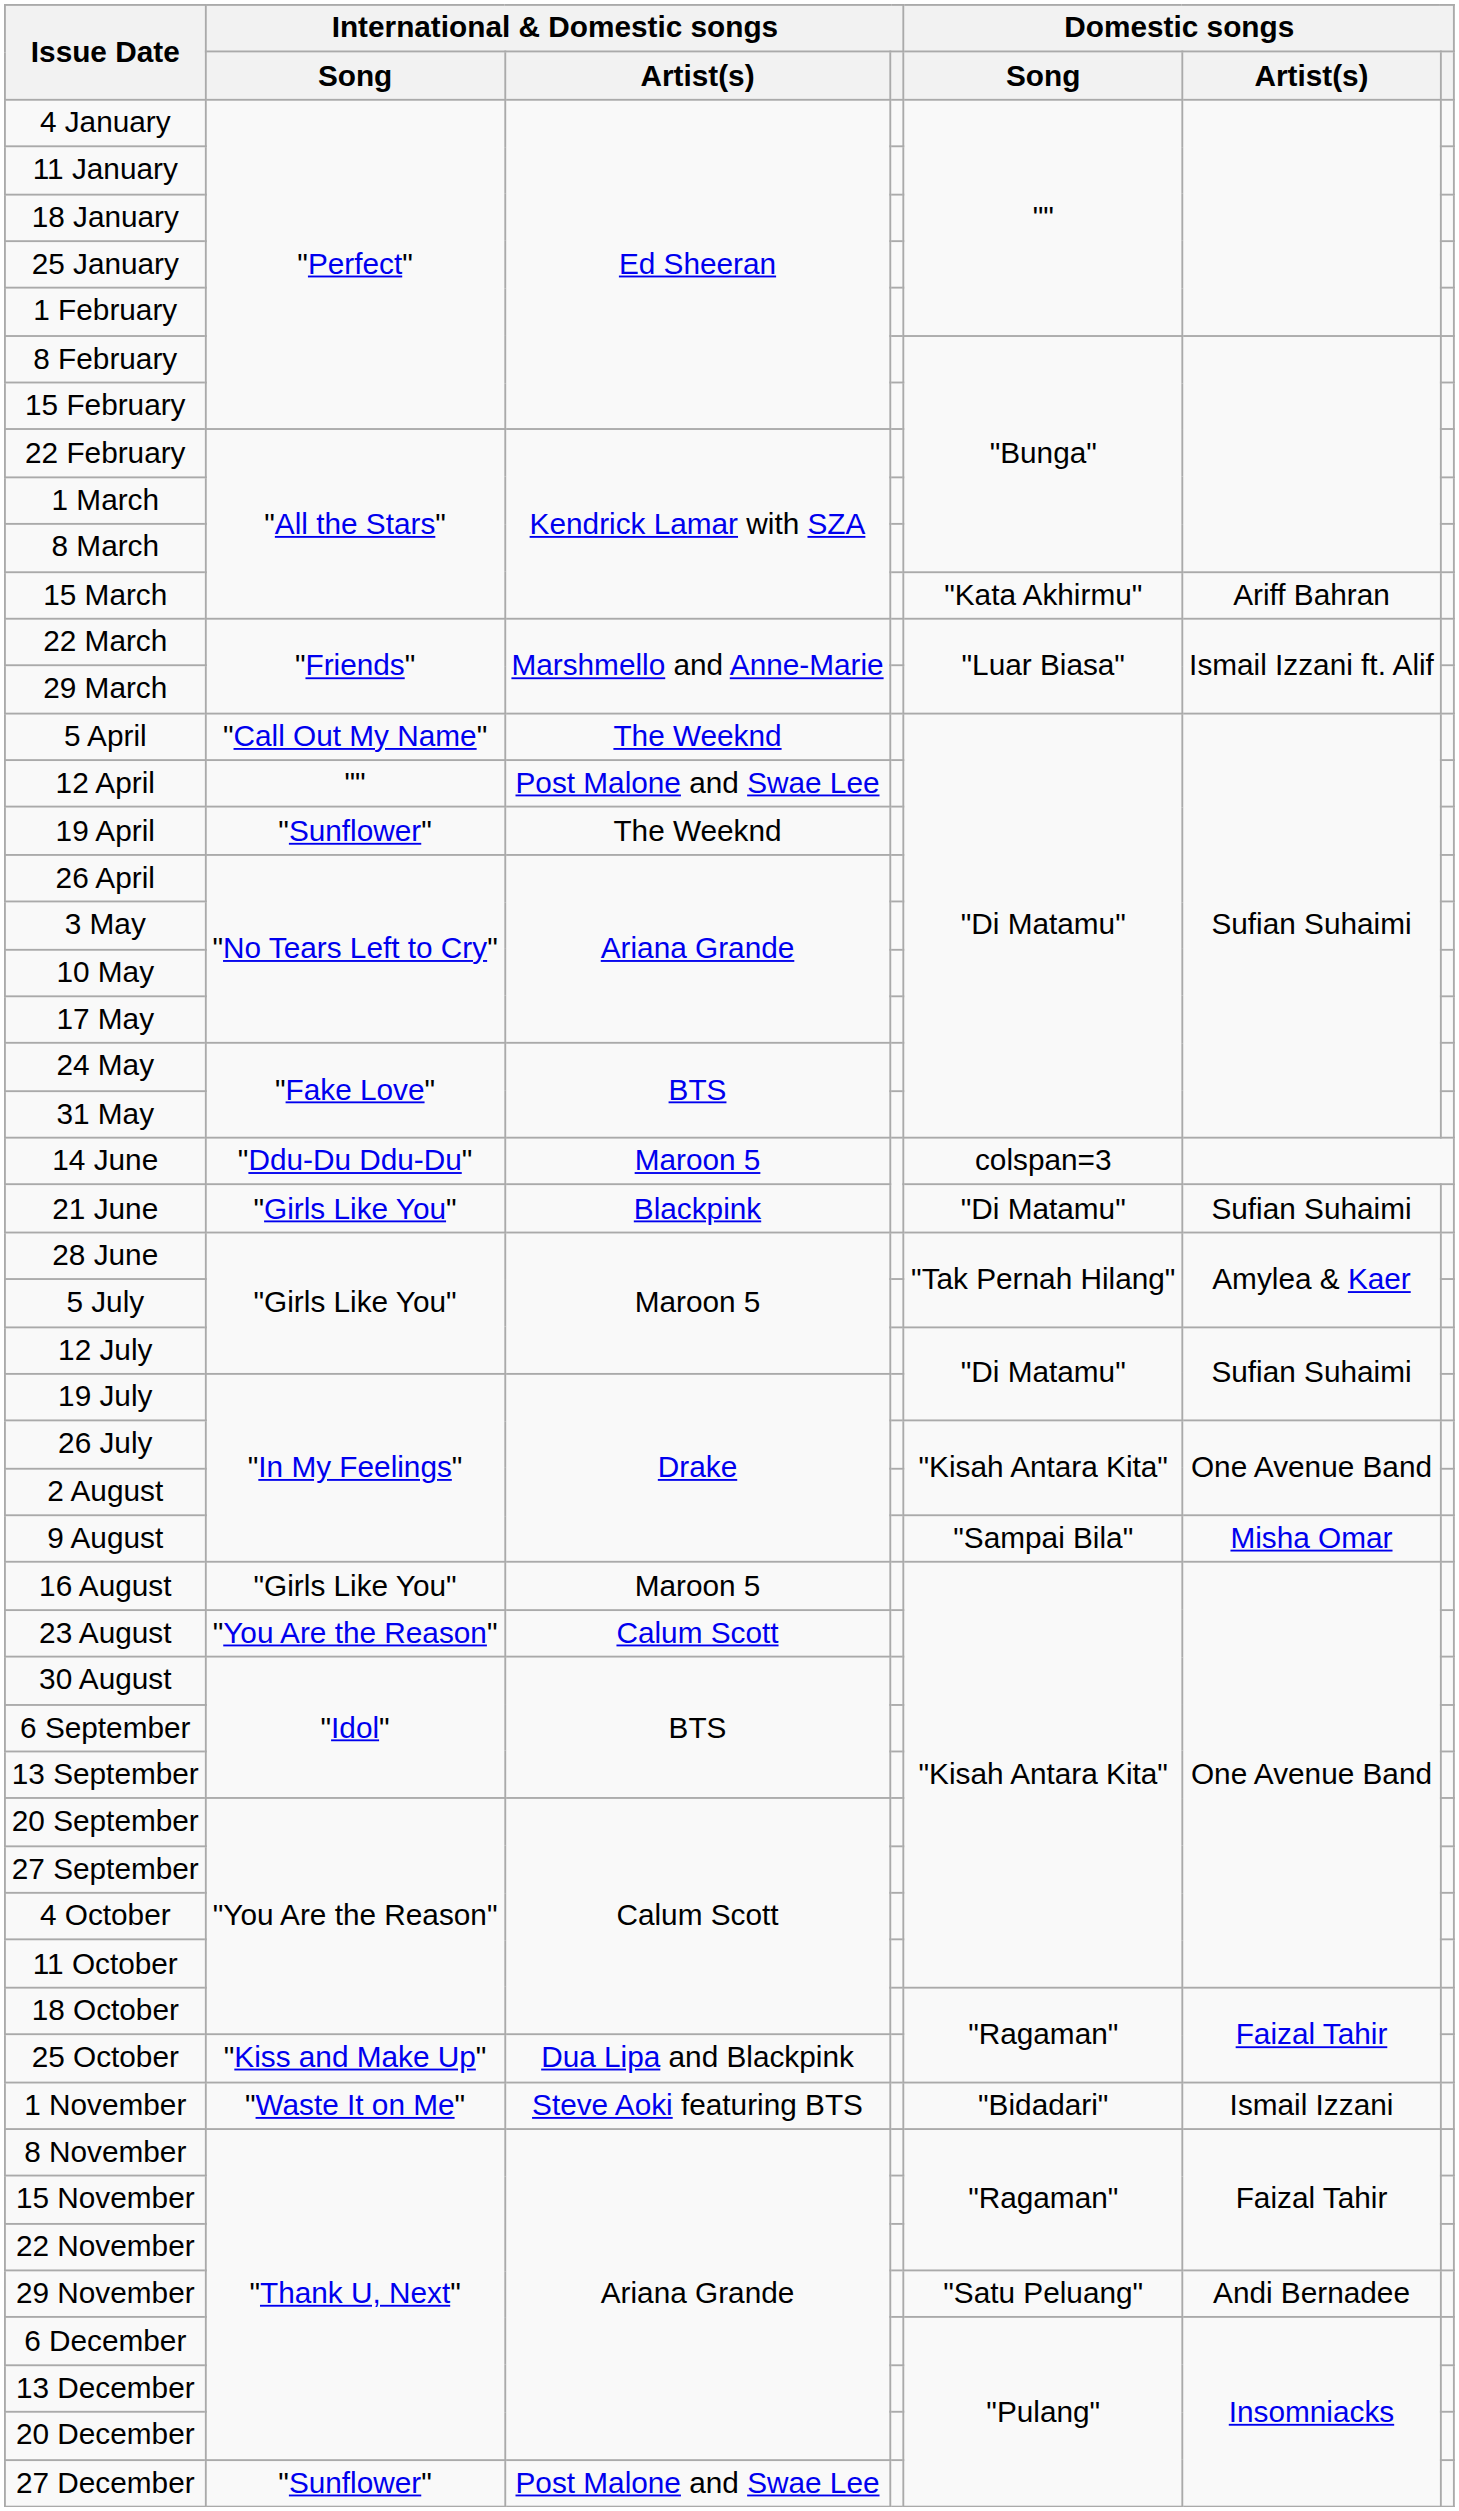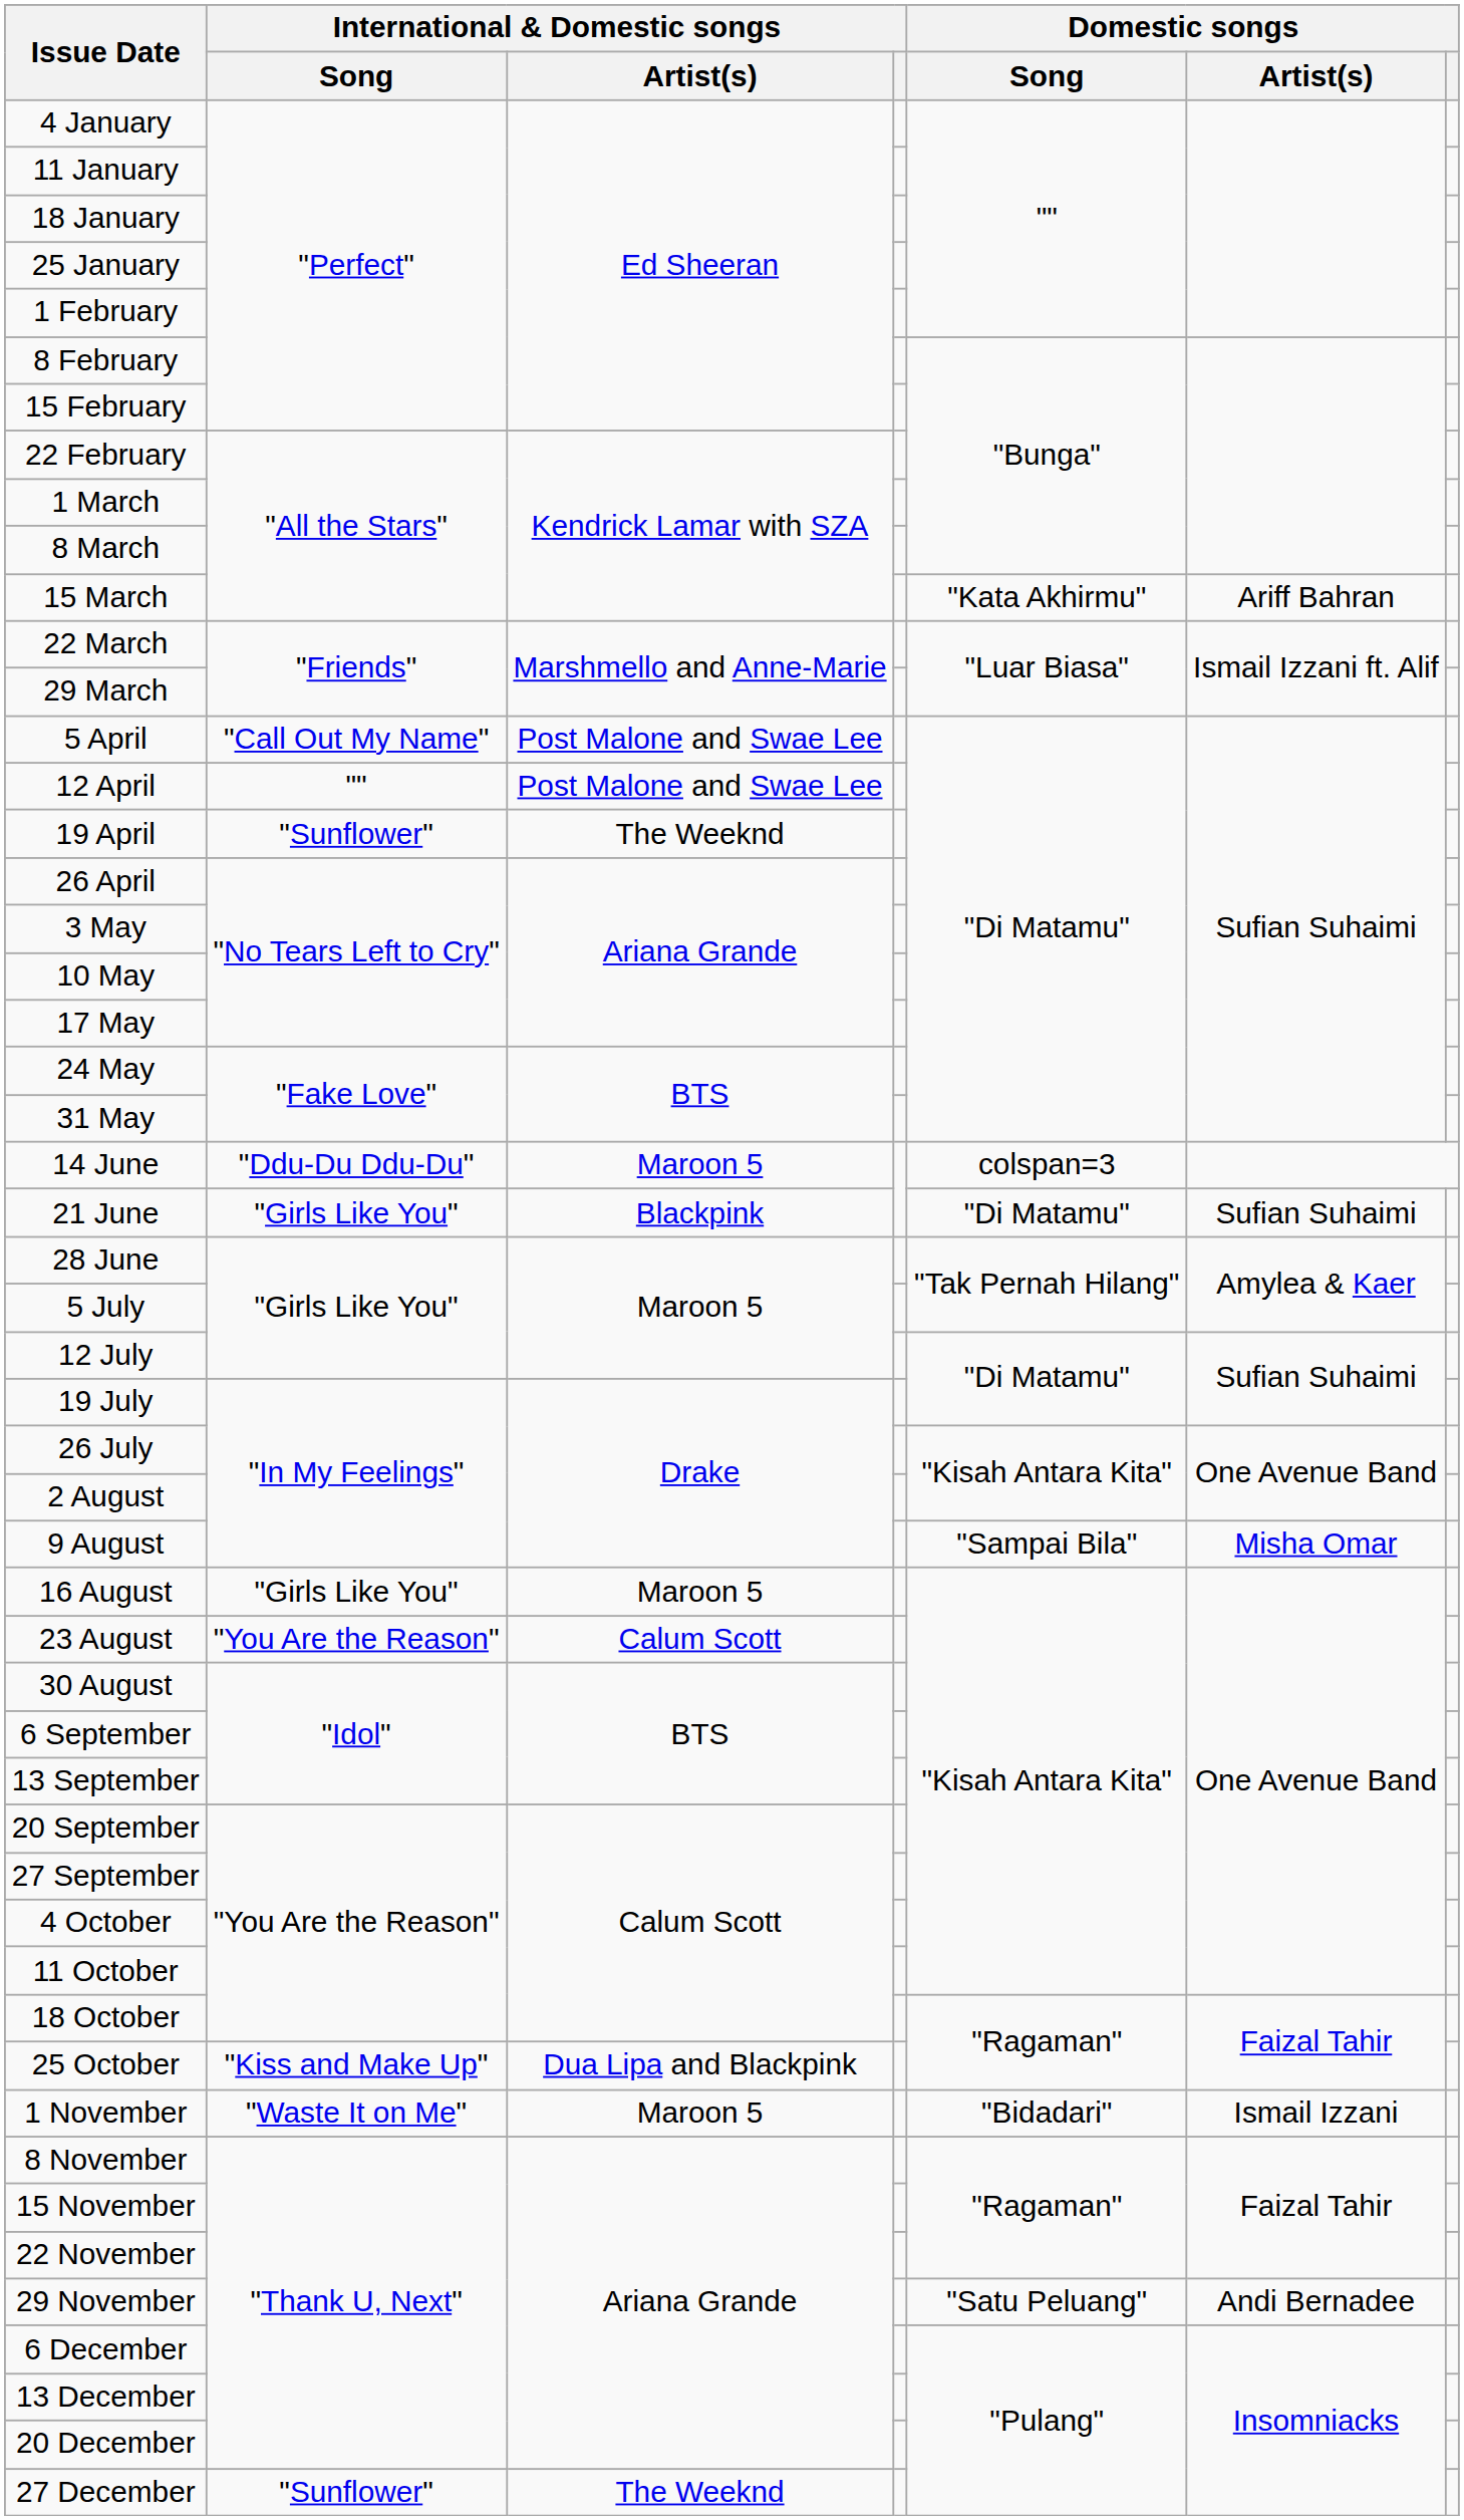 <table class="wikitable" style="text-align: center;">
 <tr>
 <th style="text-align: center;" rowspan=2>Issue Date</th>
 <th style="text-align: center;" colspan=3>International & Domestic songs</th>
 <th style="text-align: center;" colspan=3>Domestic songs</th>
 </tr>
 <tr>
 <th>Song</th>
 <th>Artist(s)</th>
 <th></th>
 <th>Song</th>
 <th>Artist(s)</th>
 <th></th>
 </tr>
 <tr>
 <td>4 January</td>
 <td rowspan=7>"<a href='#'>Perfect</a>"</td>
 <td rowspan=7><a href='#'>Ed Sheeran</a></td>
 <td></td>
 <td rowspan=5>""</td>
 <td rowspan=5></td>
 <td></td>
 </tr>
 <tr>
 <td>11 January</td>
 <td></td>
 <td></td>
 </tr>
 <tr>
 <td>18 January</td>
 <td></td>
 <td></td>
 </tr>
 <tr>
 <td>25 January</td>
 <td></td>
 <td></td>
 </tr>
 <tr>
 <td>1 February</td>
 <td></td>
 <td></td>
 </tr>
 <tr>
 <td>8 February</td>
 <td></td>
 <td rowspan=5>"Bunga"</td>
 <td rowspan=5></td>
 <td></td>
 </tr>
 <tr>
 <td>15 February</td>
 <td></td>
 <td></td>
 </tr>
 <tr>
 <td>22 February</td>
 <td rowspan=4>"<a href='#'>All the Stars</a>"</td>
 <td rowspan=4><a href='#'>Kendrick Lamar</a> with <a href='#'>SZA</a></td>
 <td></td>
 <td></td>
 </tr>
 <tr>
 <td>1 March</td>
 <td></td>
 <td></td>
 </tr>
 <tr>
 <td>8 March</td>
 <td></td>
 <td></td>
 </tr>
 <tr>
 <td>15 March</td>
 <td></td>
 <td>"Kata Akhirmu"</td>
 <td>Ariff Bahran</td>
 <td></td>
 </tr>
 <tr>
 <td>22 March</td>
 <td rowspan=2>"<a href='#'>Friends</a>"</td>
 <td rowspan=2><a href='#'>Marshmello</a> and <a href='#'>Anne-Marie</a></td>
 <td></td>
 <td rowspan=2>"Luar Biasa"</td>
 <td rowspan=2>Ismail Izzani ft. Alif</td>
 <td></td>
 </tr>
 <tr>
 <td>29 March</td>
 <td></td>
 <td></td>
 </tr>
 <tr>
 <td>5 April</td>
 <td>"<a href='#'>Call Out My Name</a>"</td>
-<td><a href='#'>The Weeknd</a></td>
+<td><a href='#'>Post Malone</a> and <a href='#'>Swae Lee</a></td>
 <td></td>
 <td rowspan=9>"Di Matamu"</td>
 <td rowspan=9>Sufian Suhaimi</td>
 <td></td>
 </tr>
 <tr>
 <td>12 April</td>
 <td>""</td>
 <td><a href='#'>Post Malone</a> and <a href='#'>Swae Lee</a></td>
 <td></td>
 <td></td>
 </tr>
 <tr>
 <td>19 April</td>
 <td>"<a href='#'>Sunflower</a>"</td>
 <td>The Weeknd</td>
 <td></td>
 <td></td>
 </tr>
 <tr>
 <td>26 April</td>
 <td rowspan=4>"<a href='#'>No Tears Left to Cry</a>"</td>
 <td rowspan=4><a href='#'>Ariana Grande</a></td>
 <td></td>
 <td></td>
 </tr>
 <tr>
 <td>3 May</td>
 <td></td>
 <td></td>
 </tr>
 <tr>
 <td>10 May</td>
 <td></td>
 <td></td>
 </tr>
 <tr>
 <td>17 May</td>
 <td></td>
 <td></td>
 </tr>
 <tr>
 <td>24 May</td>
 <td rowspan=2>"<a href='#'>Fake Love</a>"</td>
 <td rowspan=2><a href='#'>BTS</a></td>
 <td></td>
 <td></td>
 </tr>
 <tr>
 <td>31 May</td>
 <td></td>
 <td></td>
 </tr>
 <tr>
 <td>14 June</td>
 <td>"<a href='#'>Ddu-Du Ddu-Du</a>"</td>
 <td><a href='#'>Maroon 5</a></td>
 <td rowspan="2"></td>
 <td>colspan=3 </td>
 </tr>
 <tr>
 <td>21 June</td>
 <td>"<a href='#'>Girls Like You</a>"</td>
 <td><a href='#'>Blackpink</a></td>
 <td>"Di Matamu"</td>
 <td>Sufian Suhaimi</td>
 <td></td>
 </tr>
 <tr>
 <td>28 June</td>
 <td rowspan=3>"Girls Like You"</td>
 <td rowspan=3>Maroon 5</td>
 <td></td>
 <td rowspan=2>"Tak Pernah Hilang"</td>
 <td rowspan=2>Amylea & <a href='#'>Kaer</a></td>
 <td></td>
 </tr>
 <tr>
 <td>5 July</td>
 <td></td>
 <td></td>
 </tr>
 <tr>
 <td>12 July</td>
 <td></td>
 <td rowspan=2>"Di Matamu"</td>
 <td rowspan=2>Sufian Suhaimi</td>
 <td></td>
 </tr>
 <tr>
 <td>19 July</td>
 <td rowspan=4>"<a href='#'>In My Feelings</a>"</td>
 <td rowspan=4><a href='#'>Drake</a></td>
 <td></td>
 <td></td>
 </tr>
 <tr>
 <td>26 July</td>
 <td></td>
 <td rowspan=2>"Kisah Antara Kita"</td>
 <td rowspan=2>One Avenue Band</td>
 <td></td>
 </tr>
 <tr>
 <td>2 August</td>
 <td></td>
 <td></td>
 </tr>
 <tr>
 <td>9 August</td>
 <td></td>
 <td>"Sampai Bila"</td>
 <td><a href='#'>Misha Omar</a></td>
 <td></td>
 </tr>
 <tr>
 <td>16 August</td>
 <td>"Girls Like You"</td>
 <td>Maroon 5</td>
 <td></td>
 <td rowspan=9>"Kisah Antara Kita"</td>
 <td rowspan=9>One Avenue Band</td>
 <td></td>
 </tr>
 <tr>
 <td>23 August</td>
 <td>"<a href='#'>You Are the Reason</a>"</td>
 <td><a href='#'>Calum Scott</a></td>
 <td></td>
 <td></td>
 </tr>
 <tr>
 <td>30 August</td>
 <td rowspan=3>"<a href='#'>Idol</a>"</td>
 <td rowspan=3>BTS</td>
 <td></td>
 <td></td>
 </tr>
 <tr>
 <td>6 September</td>
 <td></td>
 <td></td>
 </tr>
 <tr>
 <td>13 September</td>
 <td></td>
 <td></td>
 </tr>
 <tr>
 <td>20 September</td>
 <td rowspan=5>"You Are the Reason"</td>
 <td rowspan=5>Calum Scott</td>
 <td></td>
 <td></td>
 </tr>
 <tr>
 <td>27 September</td>
 <td></td>
 <td></td>
 </tr>
 <tr>
 <td>4 October</td>
 <td></td>
 <td></td>
 </tr>
 <tr>
 <td>11 October</td>
 <td></td>
 <td></td>
 </tr>
 <tr>
 <td>18 October</td>
 <td></td>
 <td rowspan=2>"Ragaman"</td>
 <td rowspan=2><a href='#'>Faizal Tahir</a></td>
 <td></td>
 </tr>
 <tr>
 <td>25 October</td>
 <td>"<a href='#'>Kiss and Make Up</a>"</td>
 <td><a href='#'>Dua Lipa</a> and Blackpink</td>
 <td></td>
 <td></td>
 </tr>
 <tr>
 <td>1 November</td>
 <td>"<a href='#'>Waste It on Me</a>"</td>
-<td><a href='#'>Steve Aoki</a> featuring BTS</td>
+<td>Maroon 5</td>
 <td></td>
 <td>"Bidadari"</td>
 <td>Ismail Izzani</td>
 <td></td>
 </tr>
 <tr>
 <td>8 November</td>
 <td rowspan=7>"<a href='#'>Thank U, Next</a>"</td>
 <td rowspan=7>Ariana Grande</td>
 <td></td>
 <td rowspan=3>"Ragaman"</td>
 <td rowspan=3>Faizal Tahir</td>
 <td></td>
 </tr>
 <tr>
 <td>15 November</td>
 <td></td>
 <td></td>
 </tr>
 <tr>
 <td>22 November</td>
 <td></td>
 <td></td>
 </tr>
 <tr>
 <td>29 November</td>
 <td></td>
 <td>"Satu Peluang"</td>
 <td>Andi Bernadee</td>
 <td></td>
 </tr>
 <tr>
 <td>6 December</td>
 <td></td>
 <td rowspan=4>"Pulang"</td>
 <td rowspan=4><a href='#'>Insomniacks</a></td>
 <td></td>
 </tr>
 <tr>
 <td>13 December</td>
 <td></td>
 <td></td>
 </tr>
 <tr>
 <td>20 December</td>
 <td></td>
 <td></td>
 </tr>
 <tr>
 <td>27 December</td>
 <td>"<a href='#'>Sunflower</a>"</td>
-<td><a href='#'>Post Malone</a> and <a href='#'>Swae Lee</a></td>
+<td><a href='#'>The Weeknd</a></td>
 <td></td>
 <td></td>
 </tr>
 </table>
